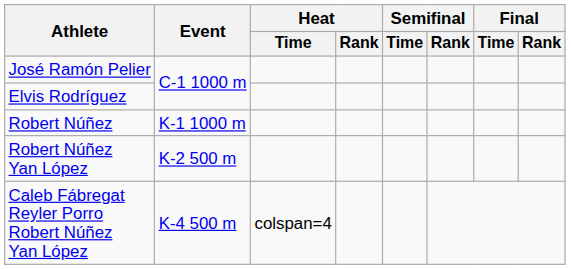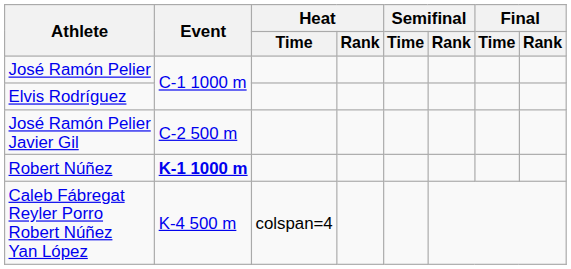 <table class=wikitable style=font-size:90%;text-align:center>
 <tr>
 <th rowspan=2>Athlete</th>
 <th rowspan=2>Event</th>
 <th colspan=2>Heat</th>
 <th colspan=2>Semifinal</th>
 <th colspan=2>Final</th>
 </tr>
 <tr style=font-size:95%>
 <th>Time</th>
 <th>Rank</th>
 <th>Time</th>
 <th>Rank</th>
 <th>Time</th>
 <th>Rank</th>
 </tr>
 <tr>
 <td align=left><a href='#'>José Ramón Pelier</a></td>
 <td align=left rowspan=2><a href='#'>C-1 1000 m</a></td>
 <td></td>
 <td></td>
 <td></td>
 <td></td>
 <td></td>
 <td></td>
 </tr>
 <tr>
 <td align=left><a href='#'>Elvis Rodríguez</a></td>
 <td></td>
 <td></td>
 <td></td>
 <td></td>
 <td></td>
 <td></td>
 </tr>
 <tr>
-<td align=left><a href='#'>Robert Núñez</a></td>
-<td align=left><a href='#'>K-1 1000 m</a></td>
+<td align=left><a href='#'>José Ramón Pelier</a><br><a href='#'>Javier Gil</a></td>
+<td align=left><a href='#'>C-2 500 m</a></td>
 <td></td>
 <td></td>
 <td></td>
 <td></td>
 <td></td>
 <td></td>
 </tr>
 <tr>
-<td align=left><a href='#'>Robert Núñez</a><br><a href='#'>Yan López</a></td>
-<td align=left><a href='#'>K-2 500 m</a></td>
+<td align=left><a href='#'>Robert Núñez</a></td>
+<td align=left><strong><a href='#'>K-1 1000 m</a></strong></td>
 <td></td>
 <td></td>
 <td></td>
 <td></td>
 <td></td>
 <td></td>
 </tr>
 <tr>
 <td align=left><a href='#'>Caleb Fábregat</a><br><a href='#'>Reyler Porro</a><br><a href='#'>Robert Núñez</a><br><a href='#'>Yan López</a></td>
 <td align=left><a href='#'>K-4 500 m</a></td>
 <td>colspan=4 </td>
 <td></td>
 <td></td>
 </tr>
 </table>
